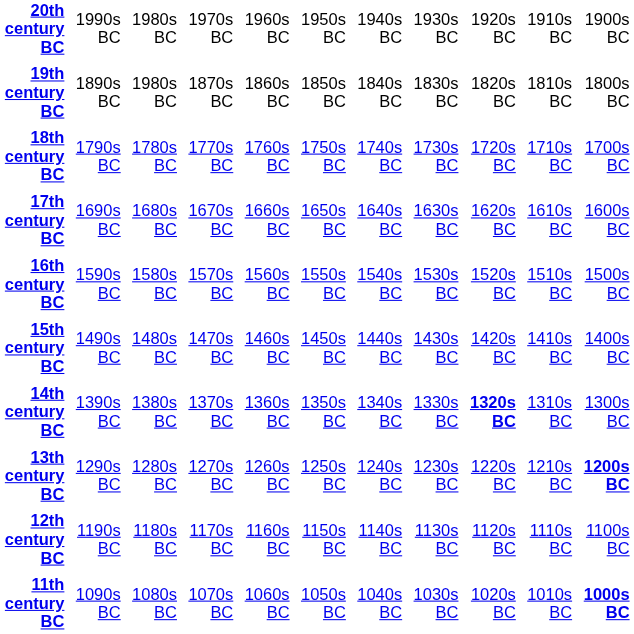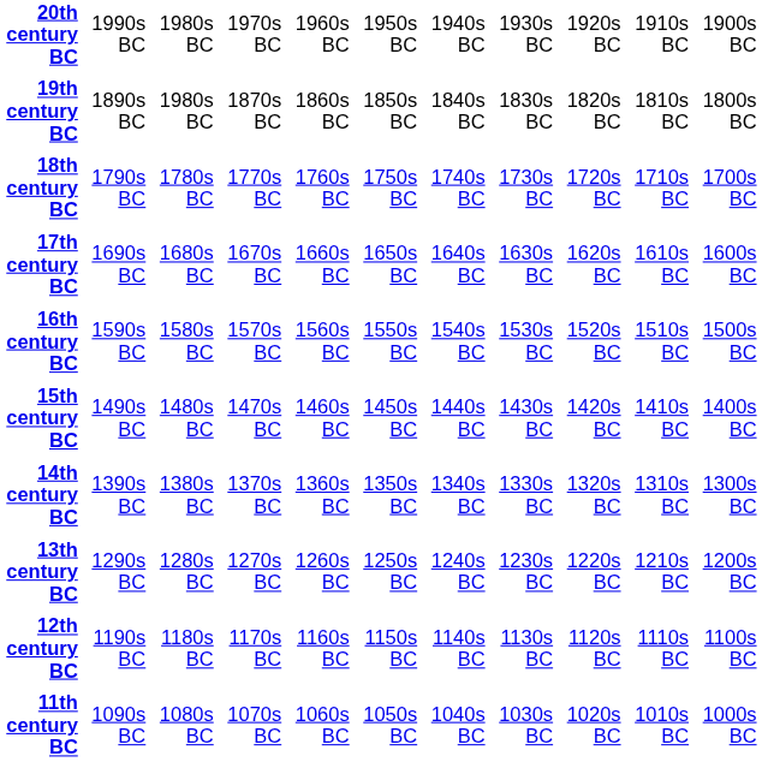 <table cellpadding="3" border="0">
 <tr style="text-align:right;">
 <td><strong><a href='#'>20th century BC</a></strong></td>
 <td>1990s BC</td>
 <td>1980s BC</td>
 <td>1970s BC</td>
 <td>1960s BC</td>
 <td>1950s BC</td>
 <td>1940s BC</td>
 <td>1930s BC</td>
 <td>1920s BC</td>
 <td>1910s BC</td>
 <td>1900s BC</td>
 </tr>
 <tr style="text-align:right;">
 <td><strong><a href='#'>19th century BC</a></strong></td>
 <td>1890s BC</td>
 <td>1980s BC</td>
 <td>1870s BC</td>
 <td>1860s BC</td>
 <td>1850s BC</td>
 <td>1840s BC</td>
 <td>1830s BC</td>
 <td>1820s BC</td>
 <td>1810s BC</td>
 <td>1800s BC</td>
 </tr>
 <tr style="text-align:right;">
 <td><strong><a href='#'>18th century BC</a></strong></td>
 <td><a href='#'>1790s BC</a></td>
 <td style="text-align:right;"><a href='#'>1780s BC</a></td>
 <td><a href='#'>1770s BC</a></td>
 <td><a href='#'>1760s BC</a></td>
 <td style="text-align:right;"><a href='#'>1750s BC</a></td>
 <td><a href='#'>1740s BC</a></td>
 <td><a href='#'>1730s BC</a></td>
 <td style="text-align:right;"><a href='#'>1720s BC</a></td>
 <td><a href='#'>1710s BC</a></td>
 <td style="text-align:right;"><a href='#'>1700s BC</a></td>
 </tr>
 <tr>
 <td style="text-align:right;"><strong><a href='#'>17th century BC</a></strong></td>
 <td style="text-align:right;"><a href='#'>1690s BC</a></td>
 <td style="text-align:right;"><a href='#'>1680s BC</a></td>
 <td style="text-align:right;"><a href='#'>1670s BC</a></td>
 <td style="text-align:right;"><a href='#'>1660s BC</a></td>
 <td style="text-align:right;"><a href='#'>1650s BC</a></td>
 <td style="text-align:right;"><a href='#'>1640s BC</a></td>
 <td style="text-align:right;"><a href='#'>1630s BC</a></td>
 <td style="text-align:right;"><a href='#'>1620s BC</a></td>
 <td style="text-align:right;"><a href='#'>1610s BC</a></td>
 <td style="text-align:right;"><a href='#'>1600s BC</a></td>
 </tr>
 <tr>
 <td style="text-align:right;"><strong><a href='#'>16th century BC</a></strong></td>
 <td style="text-align:right;"><a href='#'>1590s BC</a></td>
 <td style="text-align:right;"><a href='#'>1580s BC</a></td>
 <td style="text-align:right;"><a href='#'>1570s BC</a></td>
 <td style="text-align:right;"><a href='#'>1560s BC</a></td>
 <td style="text-align:right;"><a href='#'>1550s BC</a></td>
 <td style="text-align:right;"><a href='#'>1540s BC</a></td>
 <td style="text-align:right;"><a href='#'>1530s BC</a></td>
 <td style="text-align:right;"><a href='#'>1520s BC</a></td>
 <td style="text-align:right;"><a href='#'>1510s BC</a></td>
 <td style="text-align:right;"><a href='#'>1500s BC</a></td>
 </tr>
 <tr>
 <td style="text-align:right;"><strong><a href='#'>15th century BC</a></strong></td>
 <td style="text-align:right;"><a href='#'>1490s BC</a></td>
 <td style="text-align:right;"><a href='#'>1480s BC</a></td>
 <td style="text-align:right;"><a href='#'>1470s BC</a></td>
 <td style="text-align:right;"><a href='#'>1460s BC</a></td>
 <td style="text-align:right;"><a href='#'>1450s BC</a></td>
 <td style="text-align:right;"><a href='#'>1440s BC</a></td>
 <td style="text-align:right;"><a href='#'>1430s BC</a></td>
 <td style="text-align:right;"><a href='#'>1420s BC</a></td>
 <td style="text-align:right;"><a href='#'>1410s BC</a></td>
 <td style="text-align:right;"><a href='#'>1400s BC</a></td>
 </tr>
 <tr>
 <td style="text-align:right;"><strong><a href='#'>14th century BC</a></strong></td>
 <td style="text-align:right;"><a href='#'>1390s BC</a></td>
 <td style="text-align:right;"><a href='#'>1380s BC</a></td>
 <td style="text-align:right;"><a href='#'>1370s BC</a></td>
 <td style="text-align:right;"><a href='#'>1360s BC</a></td>
 <td style="text-align:right;"><a href='#'>1350s BC</a></td>
 <td style="text-align:right;"><a href='#'>1340s BC</a></td>
 <td style="text-align:right;"><a href='#'>1330s BC</a></td>
-<td style="text-align:right;"><strong><a href='#'>1320s BC</a></strong></td>
+<td style="text-align:right;"><a href='#'>1320s BC</a></td>
 <td style="text-align:right;"><a href='#'>1310s BC</a></td>
 <td style="text-align:right;"><a href='#'>1300s BC</a></td>
 </tr>
 <tr>
 <td style="text-align:right;"><strong><a href='#'>13th century BC</a></strong></td>
 <td style="text-align:right;"><a href='#'>1290s BC</a></td>
 <td style="text-align:right;"><a href='#'>1280s BC</a></td>
 <td style="text-align:right;"><a href='#'>1270s BC</a></td>
 <td style="text-align:right;"><a href='#'>1260s BC</a></td>
 <td style="text-align:right;"><a href='#'>1250s BC</a></td>
 <td style="text-align:right;"><a href='#'>1240s BC</a></td>
 <td style="text-align:right;"><a href='#'>1230s BC</a></td>
 <td style="text-align:right;"><a href='#'>1220s BC</a></td>
 <td style="text-align:right;"><a href='#'>1210s BC</a></td>
-<td style="text-align:right;"><strong><a href='#'>1200s BC</a></strong></td>
+<td style="text-align:right;"><a href='#'>1200s BC</a></td>
 </tr>
 <tr>
 <td style="text-align:right;"><strong><a href='#'>12th century BC</a></strong></td>
 <td style="text-align:right;"><a href='#'>1190s BC</a></td>
 <td style="text-align:right;"><a href='#'>1180s BC</a></td>
 <td style="text-align:right;"><a href='#'>1170s BC</a></td>
 <td style="text-align:right;"><a href='#'>1160s BC</a></td>
 <td style="text-align:right;"><a href='#'>1150s BC</a></td>
 <td style="text-align:right;"><a href='#'>1140s BC</a></td>
 <td style="text-align:right;"><a href='#'>1130s BC</a></td>
 <td style="text-align:right;"><a href='#'>1120s BC</a></td>
 <td style="text-align:right;"><a href='#'>1110s BC</a></td>
 <td style="text-align:right;"><a href='#'>1100s BC</a></td>
 </tr>
 <tr>
 <td style="text-align:right;"><strong><a href='#'>11th century BC</a></strong></td>
 <td style="text-align:right;"><a href='#'>1090s BC</a></td>
 <td style="text-align:right;"><a href='#'>1080s BC</a></td>
 <td style="text-align:right;"><a href='#'>1070s BC</a></td>
 <td style="text-align:right;"><a href='#'>1060s BC</a></td>
 <td style="text-align:right;"><a href='#'>1050s BC</a></td>
 <td style="text-align:right;"><a href='#'>1040s BC</a></td>
 <td style="text-align:right;"><a href='#'>1030s BC</a></td>
 <td style="text-align:right;"><a href='#'>1020s BC</a></td>
 <td style="text-align:right;"><a href='#'>1010s BC</a></td>
-<td style="text-align:right;"><strong><a href='#'>1000s BC</a></strong></td>
+<td style="text-align:right;"><a href='#'>1000s BC</a></td>
 </tr>
 </table>
